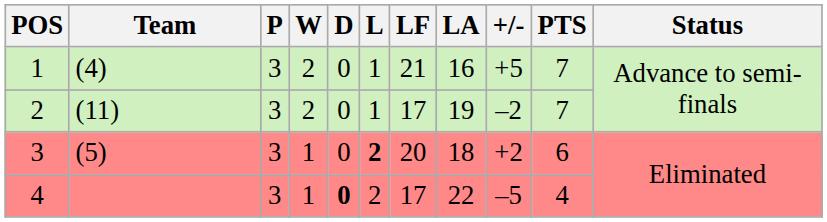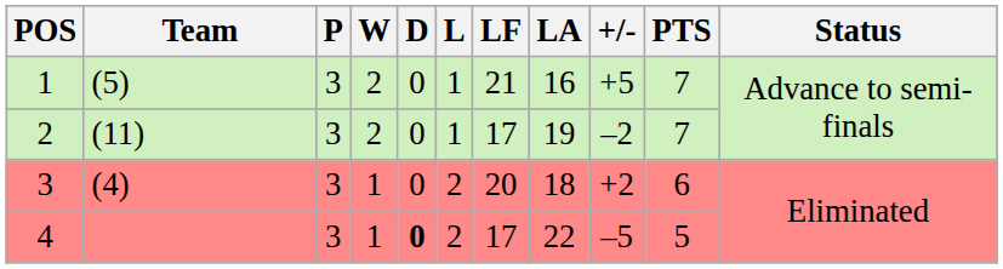 <table class="wikitable" style="text-align:center; margin: 1em auto 1em auto">
 <tr>
 <th width=20>POS</th>
 <th width=107>Team</th>
 <th width=3>P</th>
 <th width=3>W</th>
 <th width=3>D</th>
 <th width=3>L</th>
 <th width=3>LF</th>
 <th width=20>LA</th>
 <th width=20>+/-</th>
 <th width=20>PTS</th>
 <th width=130>Status</th>
 </tr>
 <tr style="background:#D0F0C0;">
 <td>1</td>
-<td style="text-align:left;"> (4)</td>
+<td style="text-align:left;"> (5)</td>
 <td>3</td>
 <td>2</td>
 <td>0</td>
 <td>1</td>
 <td>21</td>
 <td>16</td>
 <td>+5</td>
 <td>7</td>
 <td rowspan=2>Advance to semi-finals</td>
 </tr>
 <tr style="background:#D0F0C0;">
 <td>2</td>
 <td style="text-align:left;"> (11)</td>
 <td>3</td>
 <td>2</td>
 <td>0</td>
 <td>1</td>
 <td>17</td>
 <td>19</td>
 <td>–2</td>
 <td>7</td>
 </tr>
 <tr style="background:#FF8888;">
 <td>3</td>
-<td style="text-align:left;"> (5)</td>
+<td style="text-align:left;"> (4)</td>
 <td>3</td>
 <td>1</td>
 <td>0</td>
-<td><strong>2</strong></td>
+<td>2</td>
 <td>20</td>
 <td>18</td>
 <td>+2</td>
 <td>6</td>
 <td rowspan=2>Eliminated</td>
 </tr>
 <tr style="background:#FF8888;">
 <td>4</td>
 <td style="text-align:left;"></td>
 <td>3</td>
 <td>1</td>
 <td><strong>0</strong></td>
 <td>2</td>
 <td>17</td>
 <td>22</td>
 <td>–5</td>
-<td>4</td>
+<td>5</td>
 </tr>
 </table>
